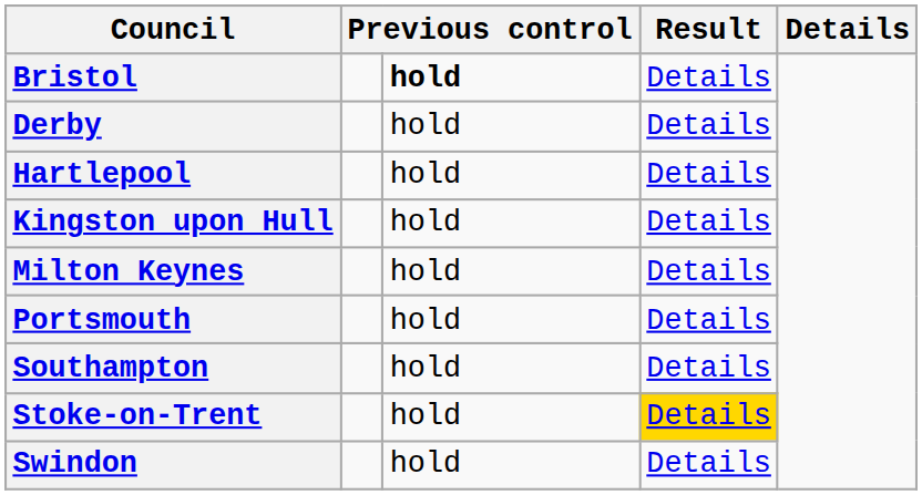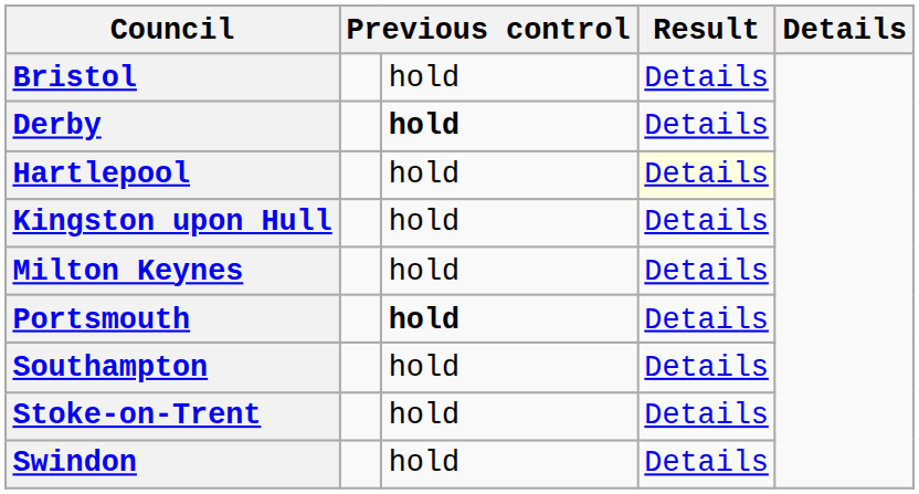 <table class="wikitable sortable" border="1">
 <tr>
 <th scope="col">Council</th>
 <th colspan=2>Previous control</th>
 <th colspan=2>Result</th>
 <th class="unsortable" scope="col">Details</th>
 </tr>
 <tr>
 <th scope="row" style="text-align: left;"><a href='#'>Bristol</a></th>
 <td></td>
-<td><strong> hold</strong></td>
+<td> hold</td>
 <td><a href='#'>Details</a></td>
 </tr>
 <tr>
 <th scope="row" style="text-align: left;"><a href='#'>Derby</a></th>
 <td></td>
-<td> hold</td>
+<td><strong> hold</strong></td>
 <td><a href='#'>Details</a></td>
 </tr>
 <tr>
 <th scope="row" style="text-align: left;"><a href='#'>Hartlepool</a></th>
 <td></td>
 <td> hold</td>
-<td><a href='#'>Details</a></td>
+<td style="background: lightyellow;"><a href='#'>Details</a></td>
 </tr>
 <tr>
 <th scope="row" style="text-align: left;"><a href='#'>Kingston upon Hull</a></th>
 <td></td>
 <td> hold</td>
 <td><a href='#'>Details</a></td>
 </tr>
 <tr>
 <th scope="row" style="text-align: left;"><a href='#'>Milton Keynes</a></th>
 <td></td>
 <td> hold</td>
 <td><a href='#'>Details</a></td>
 </tr>
 <tr>
 <th scope="row" style="text-align: left;"><a href='#'>Portsmouth</a></th>
 <td></td>
-<td> hold</td>
+<td><strong> hold</strong></td>
 <td><a href='#'>Details</a></td>
 </tr>
 <tr>
 <th scope="row" style="text-align: left;"><a href='#'>Southampton</a></th>
 <td></td>
 <td> hold</td>
 <td><a href='#'>Details</a></td>
 </tr>
 <tr>
 <th scope="row" style="text-align: left;"><a href='#'>Stoke-on-Trent</a></th>
 <td></td>
 <td> hold</td>
-<td style="background: gold;"><a href='#'>Details</a></td>
+<td><a href='#'>Details</a></td>
 </tr>
 <tr>
 <th scope="row" style="text-align: left;"><a href='#'>Swindon</a></th>
 <td></td>
 <td> hold</td>
 <td><a href='#'>Details</a></td>
 </tr>
 </table>
